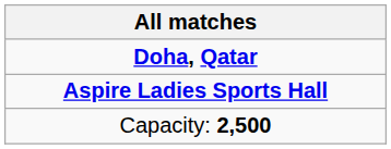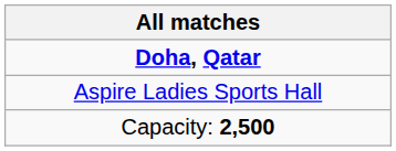 <table class="wikitable" style="text-align:center" width=280>
 <tr>
 <th>All matches</th>
 </tr>
 <tr>
 <td> <strong><a href='#'>Doha</a>, <a href='#'>Qatar</a></strong></td>
 </tr>
 <tr>
-<td><strong><a href='#'>Aspire Ladies Sports Hall</a></strong></td>
+<td><a href='#'>Aspire Ladies Sports Hall</a></td>
 </tr>
 <tr>
 <td>Capacity: <strong>2,500</strong></td>
 </tr>
 </table>
